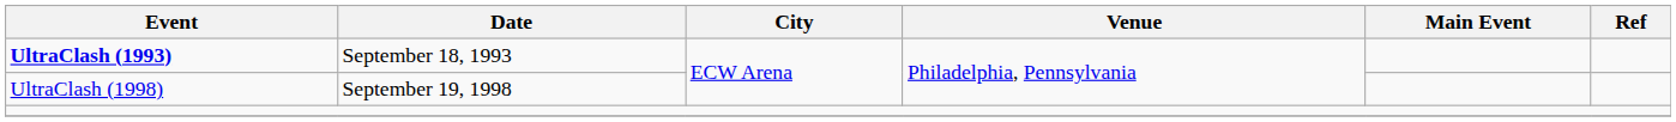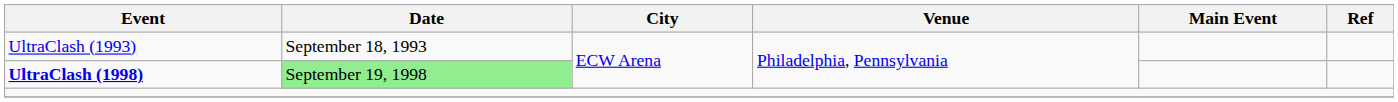 <table class="wikitable sortable" style="align: center" width=100%>
 <tr>
 <th>Event</th>
 <th>Date</th>
 <th>City</th>
 <th>Venue</th>
 <th>Main Event</th>
 <th>Ref</th>
 </tr>
 <tr>
-<td><strong><a href='#'>UltraClash (1993)</a></strong></td>
+<td><a href='#'>UltraClash (1993)</a></td>
 <td>September 18, 1993</td>
 <td rowspan="2"><a href='#'>ECW Arena</a></td>
 <td rowspan="2"><a href='#'>Philadelphia</a>, <a href='#'>Pennsylvania</a></td>
 <td></td>
 <td></td>
 </tr>
 <tr>
-<td><a href='#'>UltraClash (1998)</a></td>
-<td>September 19, 1998</td>
+<td><strong><a href='#'>UltraClash (1998)</a></strong></td>
+<td style="background: lightgreen;">September 19, 1998</td>
 <td></td>
 <td></td>
 </tr>
 <tr>
 <td colspan="10"></td>
 </tr>
 <tr>
 </tr>
 </table>
